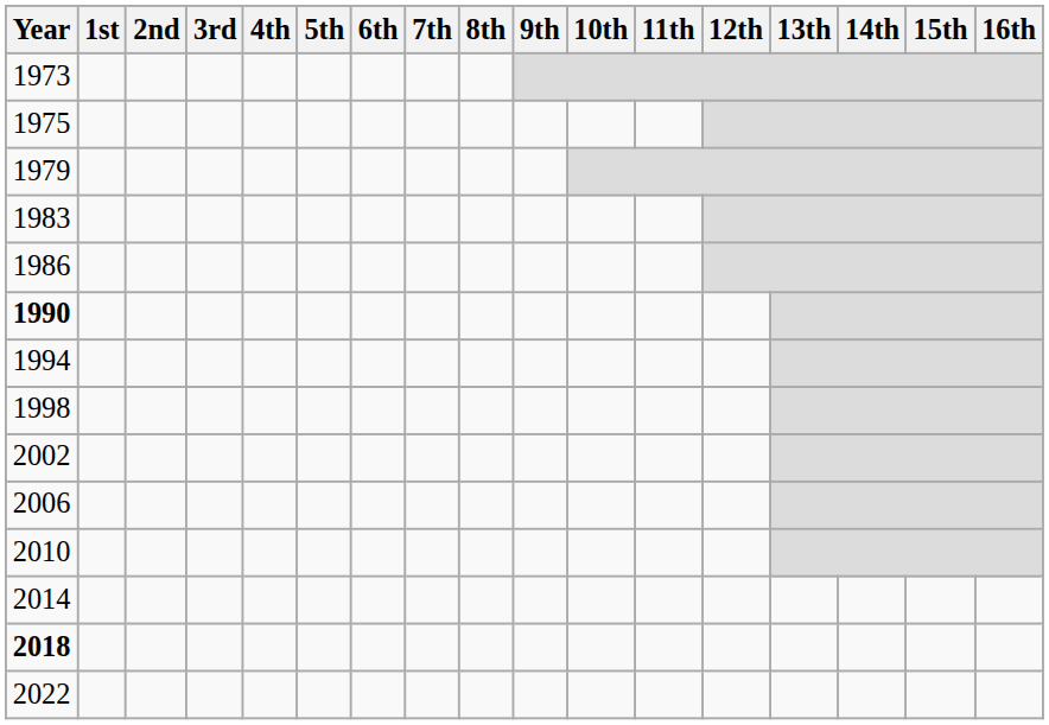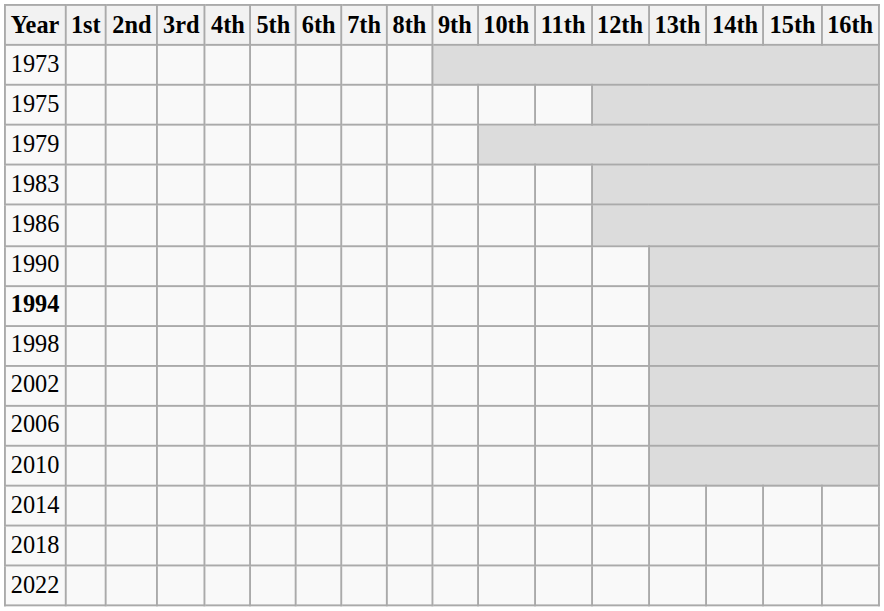 <table class="wikitable" style="text-align:left; font-size:80%">
 <tr>
 <th>Year</th>
 <th>1st</th>
 <th>2nd</th>
 <th>3rd</th>
 <th>4th</th>
 <th>5th</th>
 <th>6th</th>
 <th>7th</th>
 <th>8th</th>
 <th>9th</th>
 <th>10th</th>
 <th>11th</th>
 <th>12th</th>
 <th>13th</th>
 <th>14th</th>
 <th>15th</th>
 <th>16th</th>
 </tr>
 <tr>
 <td align="center">1973</td>
 <td></td>
 <td></td>
 <td></td>
 <td></td>
 <td></td>
 <td></td>
 <td></td>
 <td></td>
 <td colspan=8 bgcolor=#DCDCDC></td>
 </tr>
 <tr>
 <td align="center">1975</td>
 <td></td>
 <td></td>
 <td></td>
 <td></td>
 <td></td>
 <td></td>
 <td></td>
 <td></td>
 <td></td>
 <td></td>
 <td></td>
 <td colspan=5 bgcolor=#DCDCDC></td>
 </tr>
 <tr>
 <td align="center">1979</td>
 <td></td>
 <td></td>
 <td></td>
 <td></td>
 <td></td>
 <td></td>
 <td></td>
 <td></td>
 <td></td>
 <td colspan=7 bgcolor=#DCDCDC></td>
 </tr>
 <tr>
 <td align="center">1983</td>
 <td></td>
 <td></td>
 <td></td>
 <td></td>
 <td></td>
 <td></td>
 <td></td>
 <td></td>
 <td></td>
 <td></td>
 <td></td>
 <td colspan=5 bgcolor=#DCDCDC></td>
 </tr>
 <tr>
 <td align="center">1986</td>
 <td></td>
 <td></td>
 <td></td>
 <td></td>
 <td></td>
 <td></td>
 <td></td>
 <td></td>
 <td></td>
 <td></td>
 <td></td>
 <td colspan=5 bgcolor=#DCDCDC></td>
 </tr>
 <tr>
-<td align="center"><strong>1990</strong></td>
+<td align="center">1990</td>
 <td></td>
 <td></td>
 <td></td>
 <td></td>
 <td></td>
 <td></td>
 <td></td>
 <td></td>
 <td></td>
 <td></td>
 <td></td>
 <td></td>
 <td colspan=4 bgcolor=#DCDCDC></td>
 </tr>
 <tr>
-<td align="center">1994</td>
+<td align="center"><strong>1994</strong></td>
 <td></td>
 <td></td>
 <td></td>
 <td></td>
 <td></td>
 <td></td>
 <td></td>
 <td></td>
 <td></td>
 <td></td>
 <td></td>
 <td></td>
 <td colspan=4 bgcolor=#DCDCDC></td>
 </tr>
 <tr>
 <td align="center">1998</td>
 <td></td>
 <td></td>
 <td></td>
 <td></td>
 <td></td>
 <td></td>
 <td></td>
 <td></td>
 <td></td>
 <td></td>
 <td></td>
 <td></td>
 <td colspan=4 bgcolor=#DCDCDC></td>
 </tr>
 <tr>
 <td align="center">2002</td>
 <td></td>
 <td></td>
 <td></td>
 <td></td>
 <td></td>
 <td></td>
 <td></td>
 <td></td>
 <td></td>
 <td></td>
 <td></td>
 <td></td>
 <td colspan=4 bgcolor=#DCDCDC></td>
 </tr>
 <tr>
 <td align="center">2006</td>
 <td></td>
 <td></td>
 <td></td>
 <td></td>
 <td></td>
 <td></td>
 <td></td>
 <td></td>
 <td></td>
 <td></td>
 <td></td>
 <td></td>
 <td colspan=4 bgcolor=#DCDCDC></td>
 </tr>
 <tr>
 <td align="center">2010</td>
 <td></td>
 <td></td>
 <td></td>
 <td></td>
 <td></td>
 <td></td>
 <td></td>
 <td></td>
 <td></td>
 <td></td>
 <td></td>
 <td></td>
 <td colspan=4 bgcolor=#DCDCDC></td>
 </tr>
 <tr>
 <td align="center">2014</td>
 <td></td>
 <td></td>
 <td></td>
 <td></td>
 <td></td>
 <td></td>
 <td></td>
 <td></td>
 <td></td>
 <td></td>
 <td></td>
 <td></td>
 <td></td>
 <td></td>
 <td></td>
 <td></td>
 </tr>
 <tr>
-<td align="center"><strong>2018</strong></td>
+<td align="center">2018</td>
 <td></td>
 <td></td>
 <td></td>
 <td></td>
 <td></td>
 <td></td>
 <td></td>
 <td></td>
 <td></td>
 <td></td>
 <td></td>
 <td></td>
 <td></td>
 <td></td>
 <td></td>
 <td></td>
 </tr>
 <tr>
 <td align="center">2022</td>
 <td></td>
 <td></td>
 <td></td>
 <td></td>
 <td></td>
 <td></td>
 <td></td>
 <td></td>
 <td></td>
 <td></td>
 <td></td>
 <td></td>
 <td></td>
 <td></td>
 <td></td>
 <td></td>
 </tr>
 </table>
